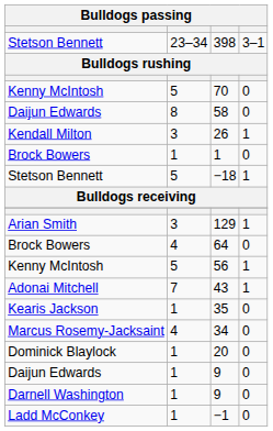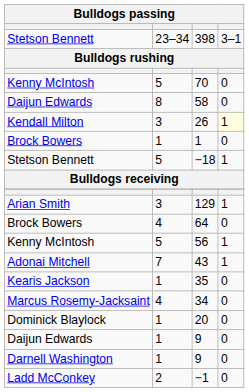 <table class="wikitable plainrowheaders">
 <tr>
 <th colspan="6">Bulldogs passing</th>
 </tr>
 <tr>
 <th scope="col"></th>
 <th scope="col"></th>
 <th scope="col"></th>
 <th scope="col"></th>
 </tr>
 <tr>
 <td><a href='#'>Stetson Bennett</a></td>
 <td>23–34</td>
 <td>398</td>
 <td>3–1</td>
 </tr>
 <tr>
 <th colspan="6">Bulldogs rushing</th>
 </tr>
 <tr>
 <th scope="col"></th>
 <th scope="col"></th>
 <th scope="col"></th>
 <th scope="col"></th>
 </tr>
 <tr>
 <td><a href='#'>Kenny McIntosh</a></td>
 <td>5</td>
 <td>70</td>
 <td>0</td>
 </tr>
 <tr>
 <td><a href='#'>Daijun Edwards</a></td>
 <td>8</td>
 <td>58</td>
 <td>0</td>
 </tr>
 <tr>
 <td><a href='#'>Kendall Milton</a></td>
 <td>3</td>
 <td>26</td>
-<td>1</td>
+<td style="background: lightyellow;">1</td>
 </tr>
 <tr>
 <td><a href='#'>Brock Bowers</a></td>
 <td>1</td>
 <td>1</td>
 <td>0</td>
 </tr>
 <tr>
 <td>Stetson Bennett</td>
 <td>5</td>
 <td>−18</td>
 <td>1</td>
 </tr>
 <tr>
 <th colspan="6">Bulldogs receiving</th>
 </tr>
 <tr>
 </tr>
 <tr>
 <th scope="col"></th>
 <th scope="col"></th>
 <th scope="col"></th>
 <th scope="col"></th>
 </tr>
 <tr>
 <td><a href='#'>Arian Smith</a></td>
 <td>3</td>
 <td>129</td>
 <td>1</td>
 </tr>
 <tr>
 <td>Brock Bowers</td>
 <td>4</td>
 <td>64</td>
 <td>0</td>
 </tr>
 <tr>
 <td>Kenny McIntosh</td>
 <td>5</td>
 <td>56</td>
 <td>1</td>
 </tr>
 <tr>
 <td><a href='#'>Adonai Mitchell</a></td>
 <td>7</td>
 <td>43</td>
 <td>1</td>
 </tr>
 <tr>
 <td><a href='#'>Kearis Jackson</a></td>
 <td>1</td>
 <td>35</td>
 <td>0</td>
 </tr>
 <tr>
 <td><a href='#'>Marcus Rosemy-Jacksaint</a></td>
 <td>4</td>
 <td>34</td>
 <td>0</td>
 </tr>
 <tr>
 <td>Dominick Blaylock</td>
 <td>1</td>
 <td>20</td>
 <td>0</td>
 </tr>
 <tr>
 <td>Daijun Edwards</td>
 <td>1</td>
 <td>9</td>
 <td>0</td>
 </tr>
 <tr>
 <td><a href='#'>Darnell Washington</a></td>
 <td>1</td>
 <td>9</td>
 <td>0</td>
 </tr>
 <tr>
 <td><a href='#'>Ladd McConkey</a></td>
-<td>1</td>
+<td>2</td>
 <td>−1</td>
 <td>0</td>
 </tr>
 </table>
